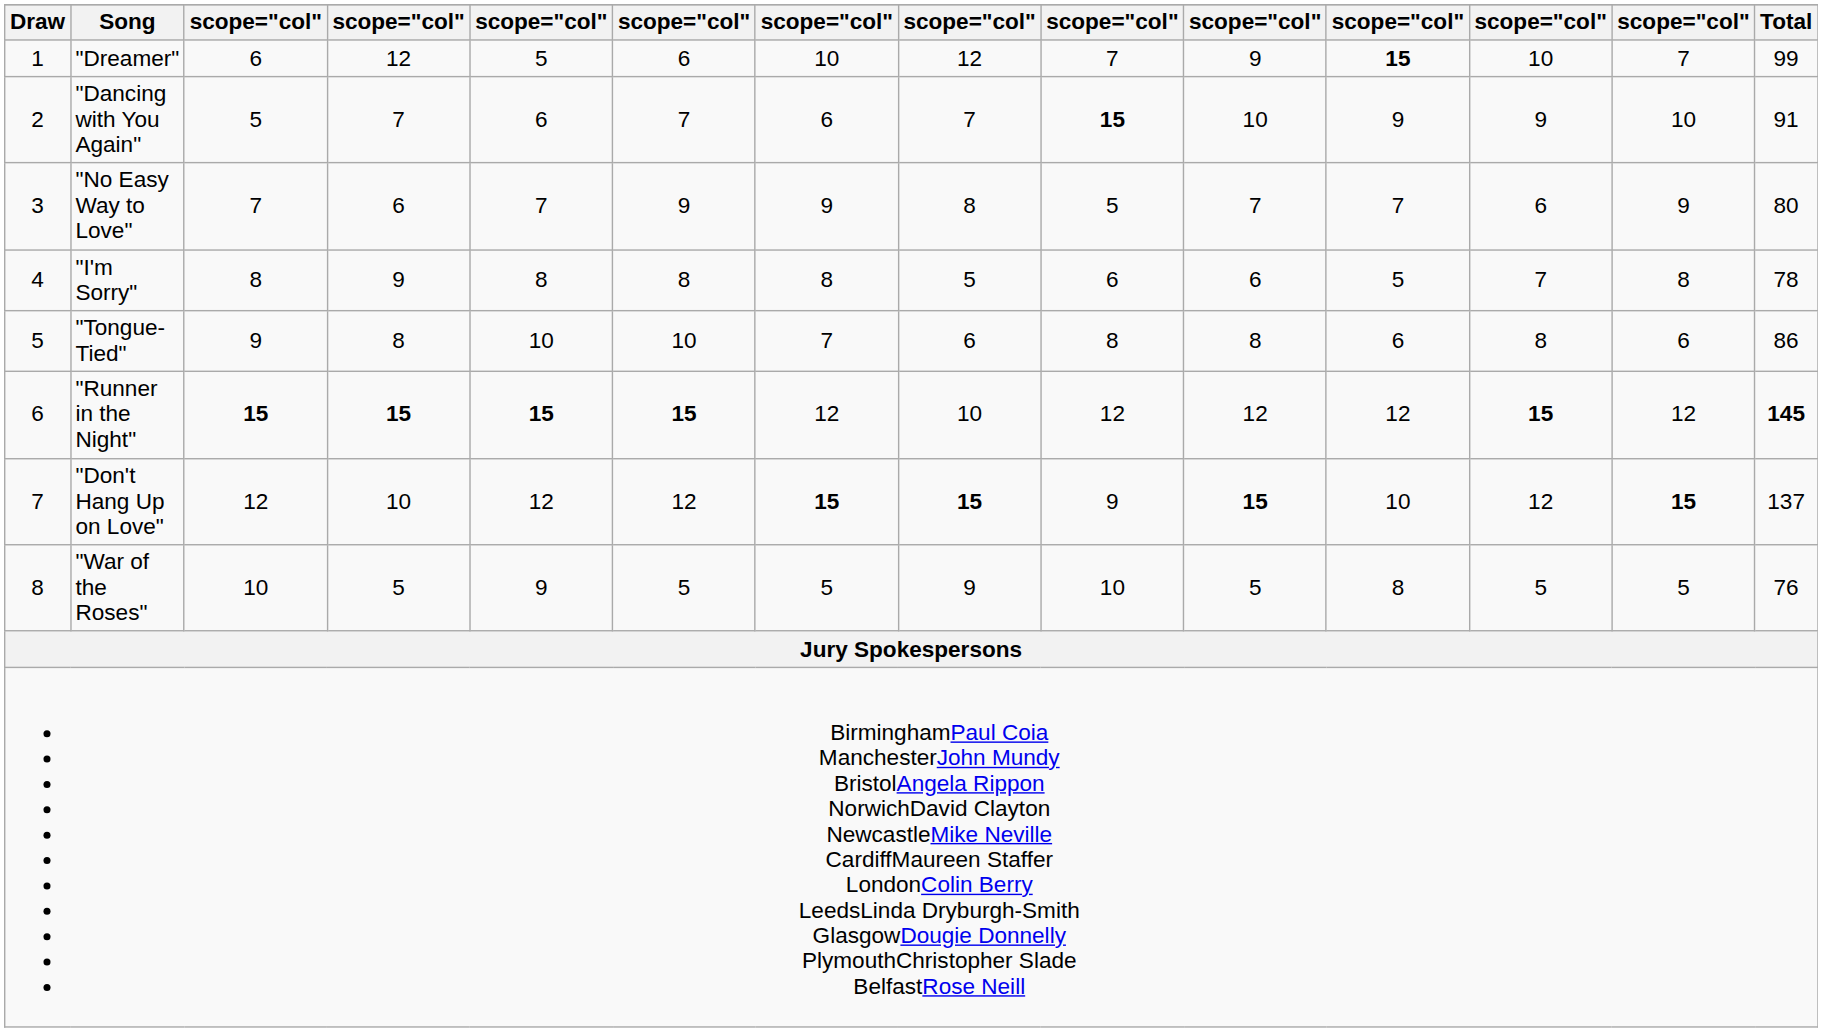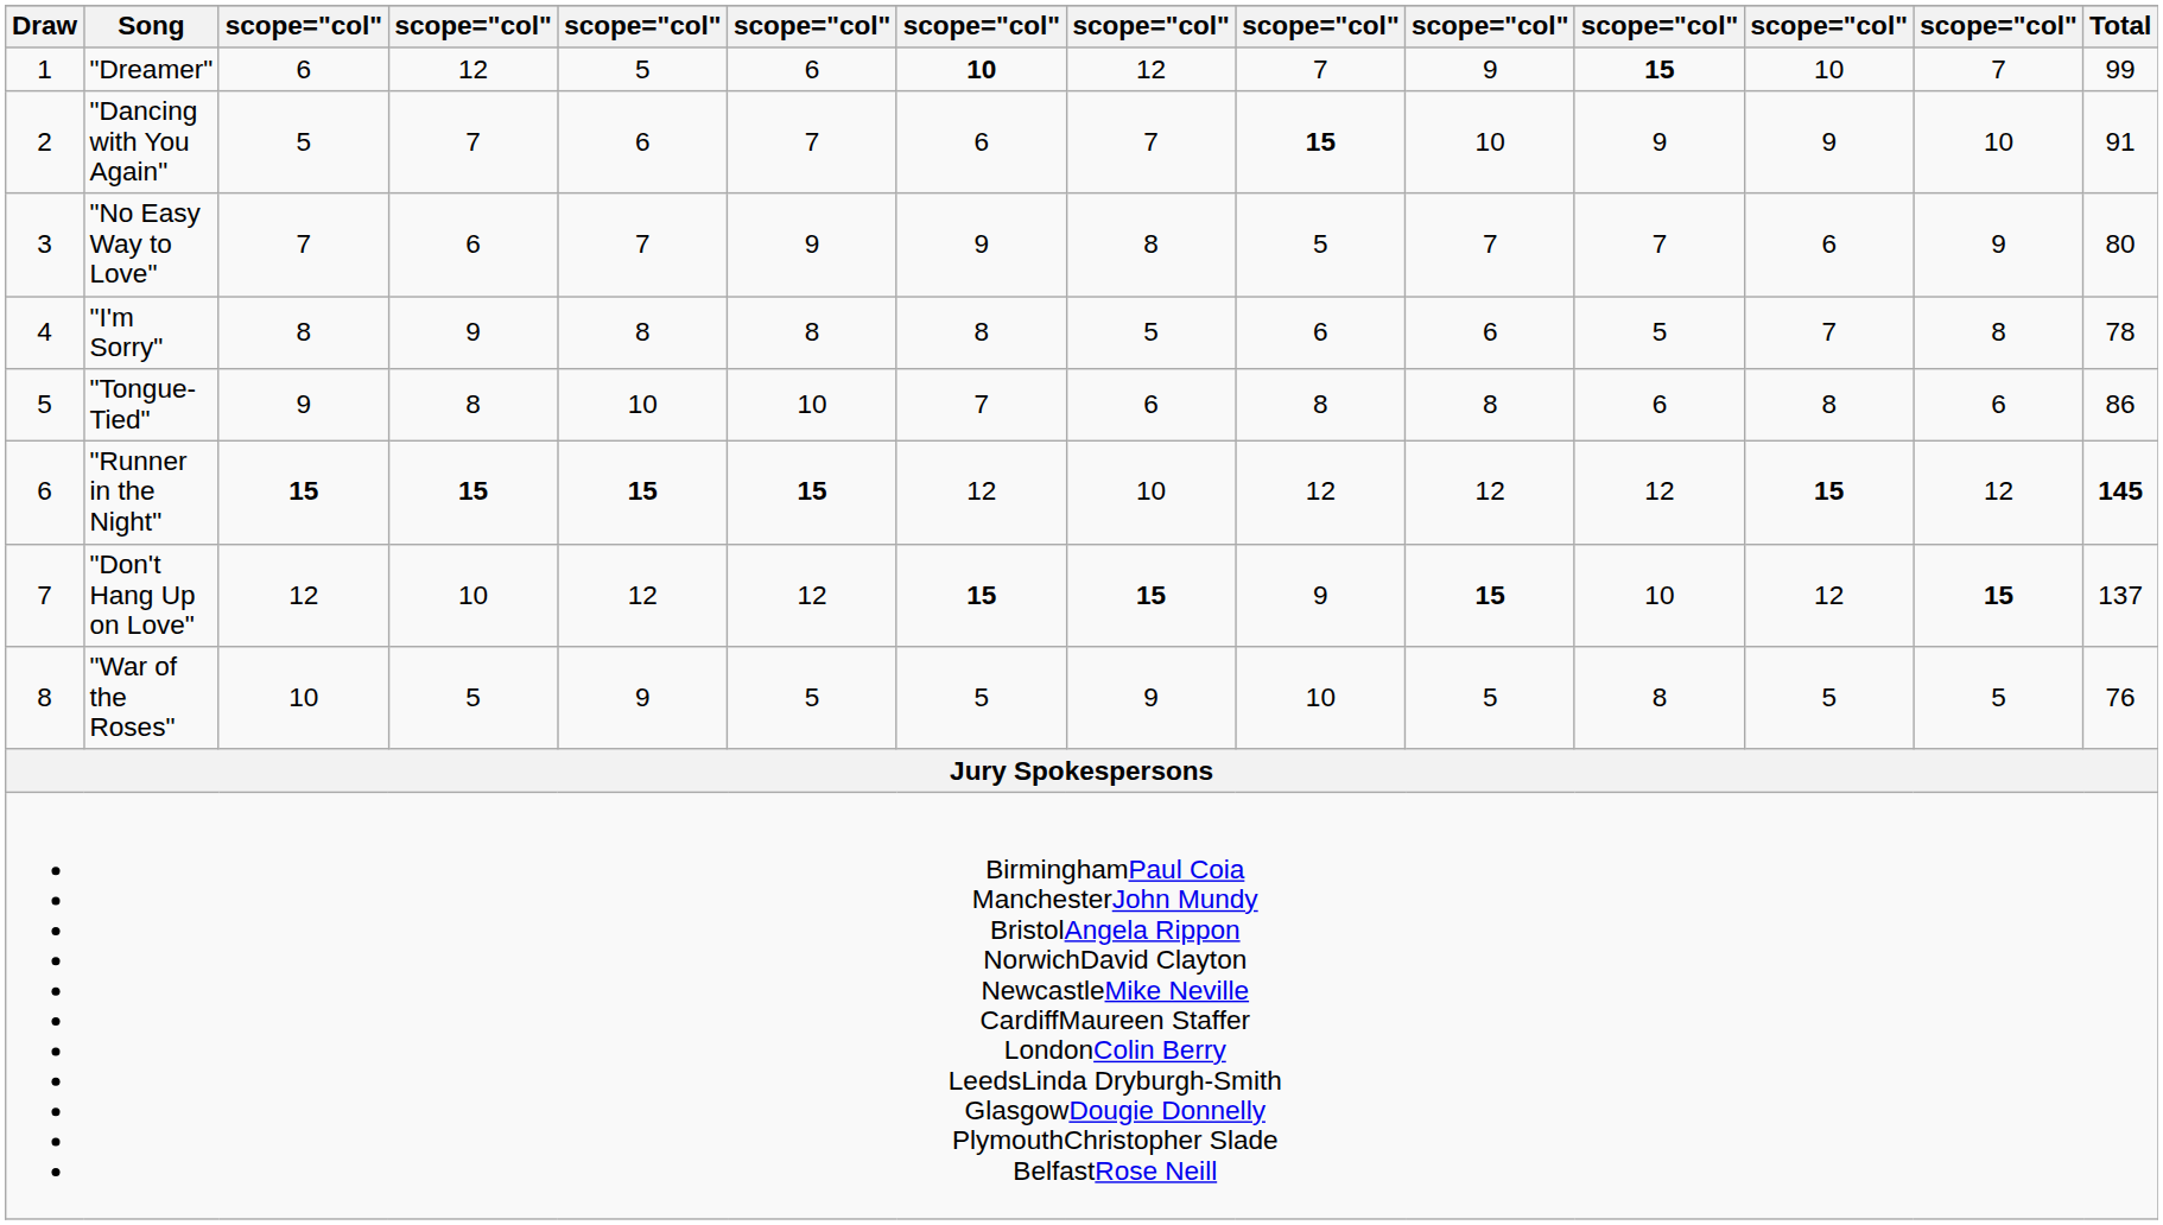 <table class="wikitable plainrowheaders" style="margin: 1em auto 1em auto; text-align:center;">
 <tr>
 </tr>
 <tr>
 <th scope="col">Draw</th>
 <th scope="col">Song</th>
 <th>scope="col" </th>
 <th>scope="col" </th>
 <th>scope="col" </th>
 <th>scope="col" </th>
 <th>scope="col" </th>
 <th>scope="col" </th>
 <th>scope="col" </th>
 <th>scope="col" </th>
 <th>scope="col" </th>
 <th>scope="col" </th>
 <th>scope="col" </th>
 <th scope="col">Total</th>
 </tr>
 <tr>
 <td>1</td>
 <td align="left">"Dreamer"</td>
 <td>6</td>
 <td>12</td>
 <td>5</td>
 <td>6</td>
-<td>10</td>
+<td><strong>10</strong></td>
 <td>12</td>
 <td>7</td>
 <td>9</td>
 <td><strong>15</strong></td>
 <td>10</td>
 <td>7</td>
 <td>99</td>
 </tr>
 <tr>
 <td>2</td>
 <td align="left">"Dancing with You Again"</td>
 <td>5</td>
 <td>7</td>
 <td>6</td>
 <td>7</td>
 <td>6</td>
 <td>7</td>
 <td><strong>15</strong></td>
 <td>10</td>
 <td>9</td>
 <td>9</td>
 <td>10</td>
 <td>91</td>
 </tr>
 <tr>
 <td>3</td>
 <td align="left">"No Easy Way to Love"</td>
 <td>7</td>
 <td>6</td>
 <td>7</td>
 <td>9</td>
 <td>9</td>
 <td>8</td>
 <td>5</td>
 <td>7</td>
 <td>7</td>
 <td>6</td>
 <td>9</td>
 <td>80</td>
 </tr>
 <tr>
 <td>4</td>
 <td align="left">"I'm Sorry"</td>
 <td>8</td>
 <td>9</td>
 <td>8</td>
 <td>8</td>
 <td>8</td>
 <td>5</td>
 <td>6</td>
 <td>6</td>
 <td>5</td>
 <td>7</td>
 <td>8</td>
 <td>78</td>
 </tr>
 <tr>
 <td>5</td>
 <td align="left">"Tongue-Tied"</td>
 <td>9</td>
 <td>8</td>
 <td>10</td>
 <td>10</td>
 <td>7</td>
 <td>6</td>
 <td>8</td>
 <td>8</td>
 <td>6</td>
 <td>8</td>
 <td>6</td>
 <td>86</td>
 </tr>
 <tr>
 <td>6</td>
 <td align="left">"Runner in the Night"</td>
 <td><strong>15</strong></td>
 <td><strong>15</strong></td>
 <td><strong>15</strong></td>
 <td><strong>15</strong></td>
 <td>12</td>
 <td>10</td>
 <td>12</td>
 <td>12</td>
 <td>12</td>
 <td><strong>15</strong></td>
 <td>12</td>
 <td><strong>145</strong></td>
 </tr>
 <tr>
 <td>7</td>
 <td align="left">"Don't Hang Up on Love"</td>
 <td>12</td>
 <td>10</td>
 <td>12</td>
 <td>12</td>
 <td><strong>15</strong></td>
 <td><strong>15</strong></td>
 <td>9</td>
 <td><strong>15</strong></td>
 <td>10</td>
 <td>12</td>
 <td><strong>15</strong></td>
 <td>137</td>
 </tr>
 <tr>
 <td>8</td>
 <td align="left">"War of the Roses"</td>
 <td>10</td>
 <td>5</td>
 <td>9</td>
 <td>5</td>
 <td>5</td>
 <td>9</td>
 <td>10</td>
 <td>5</td>
 <td>8</td>
 <td>5</td>
 <td>5</td>
 <td>76</td>
 </tr>
 <tr>
 <th colspan="14">Jury Spokespersons</th>
 </tr>
 <tr>
 <td colspan="14"><br><ul><li>Birmingham<a href='#'>Paul Coia</a></li><li>Manchester<a href='#'>John Mundy</a></li><li>Bristol<a href='#'>Angela Rippon</a></li><li>NorwichDavid Clayton</li><li>Newcastle<a href='#'>Mike Neville</a></li><li>CardiffMaureen Staffer</li><li>London<a href='#'>Colin Berry</a></li><li>LeedsLinda Dryburgh-Smith</li><li>Glasgow<a href='#'>Dougie Donnelly</a></li><li>PlymouthChristopher Slade</li><li>Belfast<a href='#'>Rose Neill</a></li></ul></td>
 </tr>
 </table>
